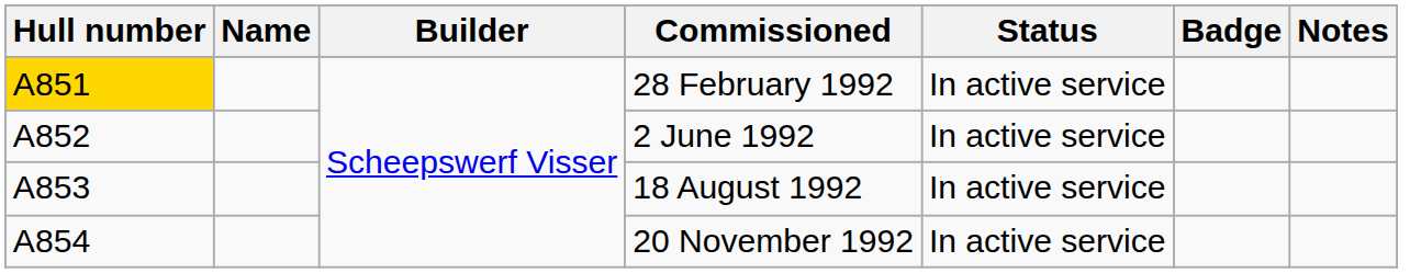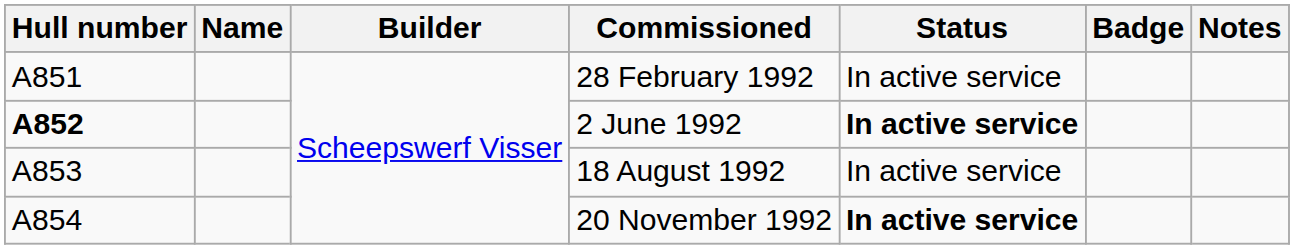 <table class="wikitable">
 <tr>
 <th>Hull number</th>
 <th>Name</th>
 <th>Builder</th>
 <th>Commissioned</th>
 <th>Status</th>
 <th>Badge</th>
 <th>Notes</th>
 </tr>
 <tr>
-<td style="background: gold;">A851</td>
+<td>A851</td>
 <td></td>
 <td rowspan=4 align=center><a href='#'>Scheepswerf Visser</a></td>
 <td>28 February 1992</td>
 <td>In active service</td>
 <td></td>
 <td></td>
 </tr>
 <tr>
-<td>A852</td>
+<td><strong>A852</strong></td>
 <td></td>
 <td>2 June 1992</td>
-<td>In active service</td>
+<td><strong>In active service</strong></td>
 <td></td>
 <td></td>
 </tr>
 <tr>
 <td>A853</td>
 <td></td>
 <td>18 August 1992</td>
 <td>In active service</td>
 <td></td>
 <td></td>
 </tr>
 <tr>
 <td>A854</td>
 <td></td>
 <td>20 November 1992</td>
-<td>In active service</td>
+<td><strong>In active service</strong></td>
 <td></td>
 <td></td>
 </tr>
 </table>
